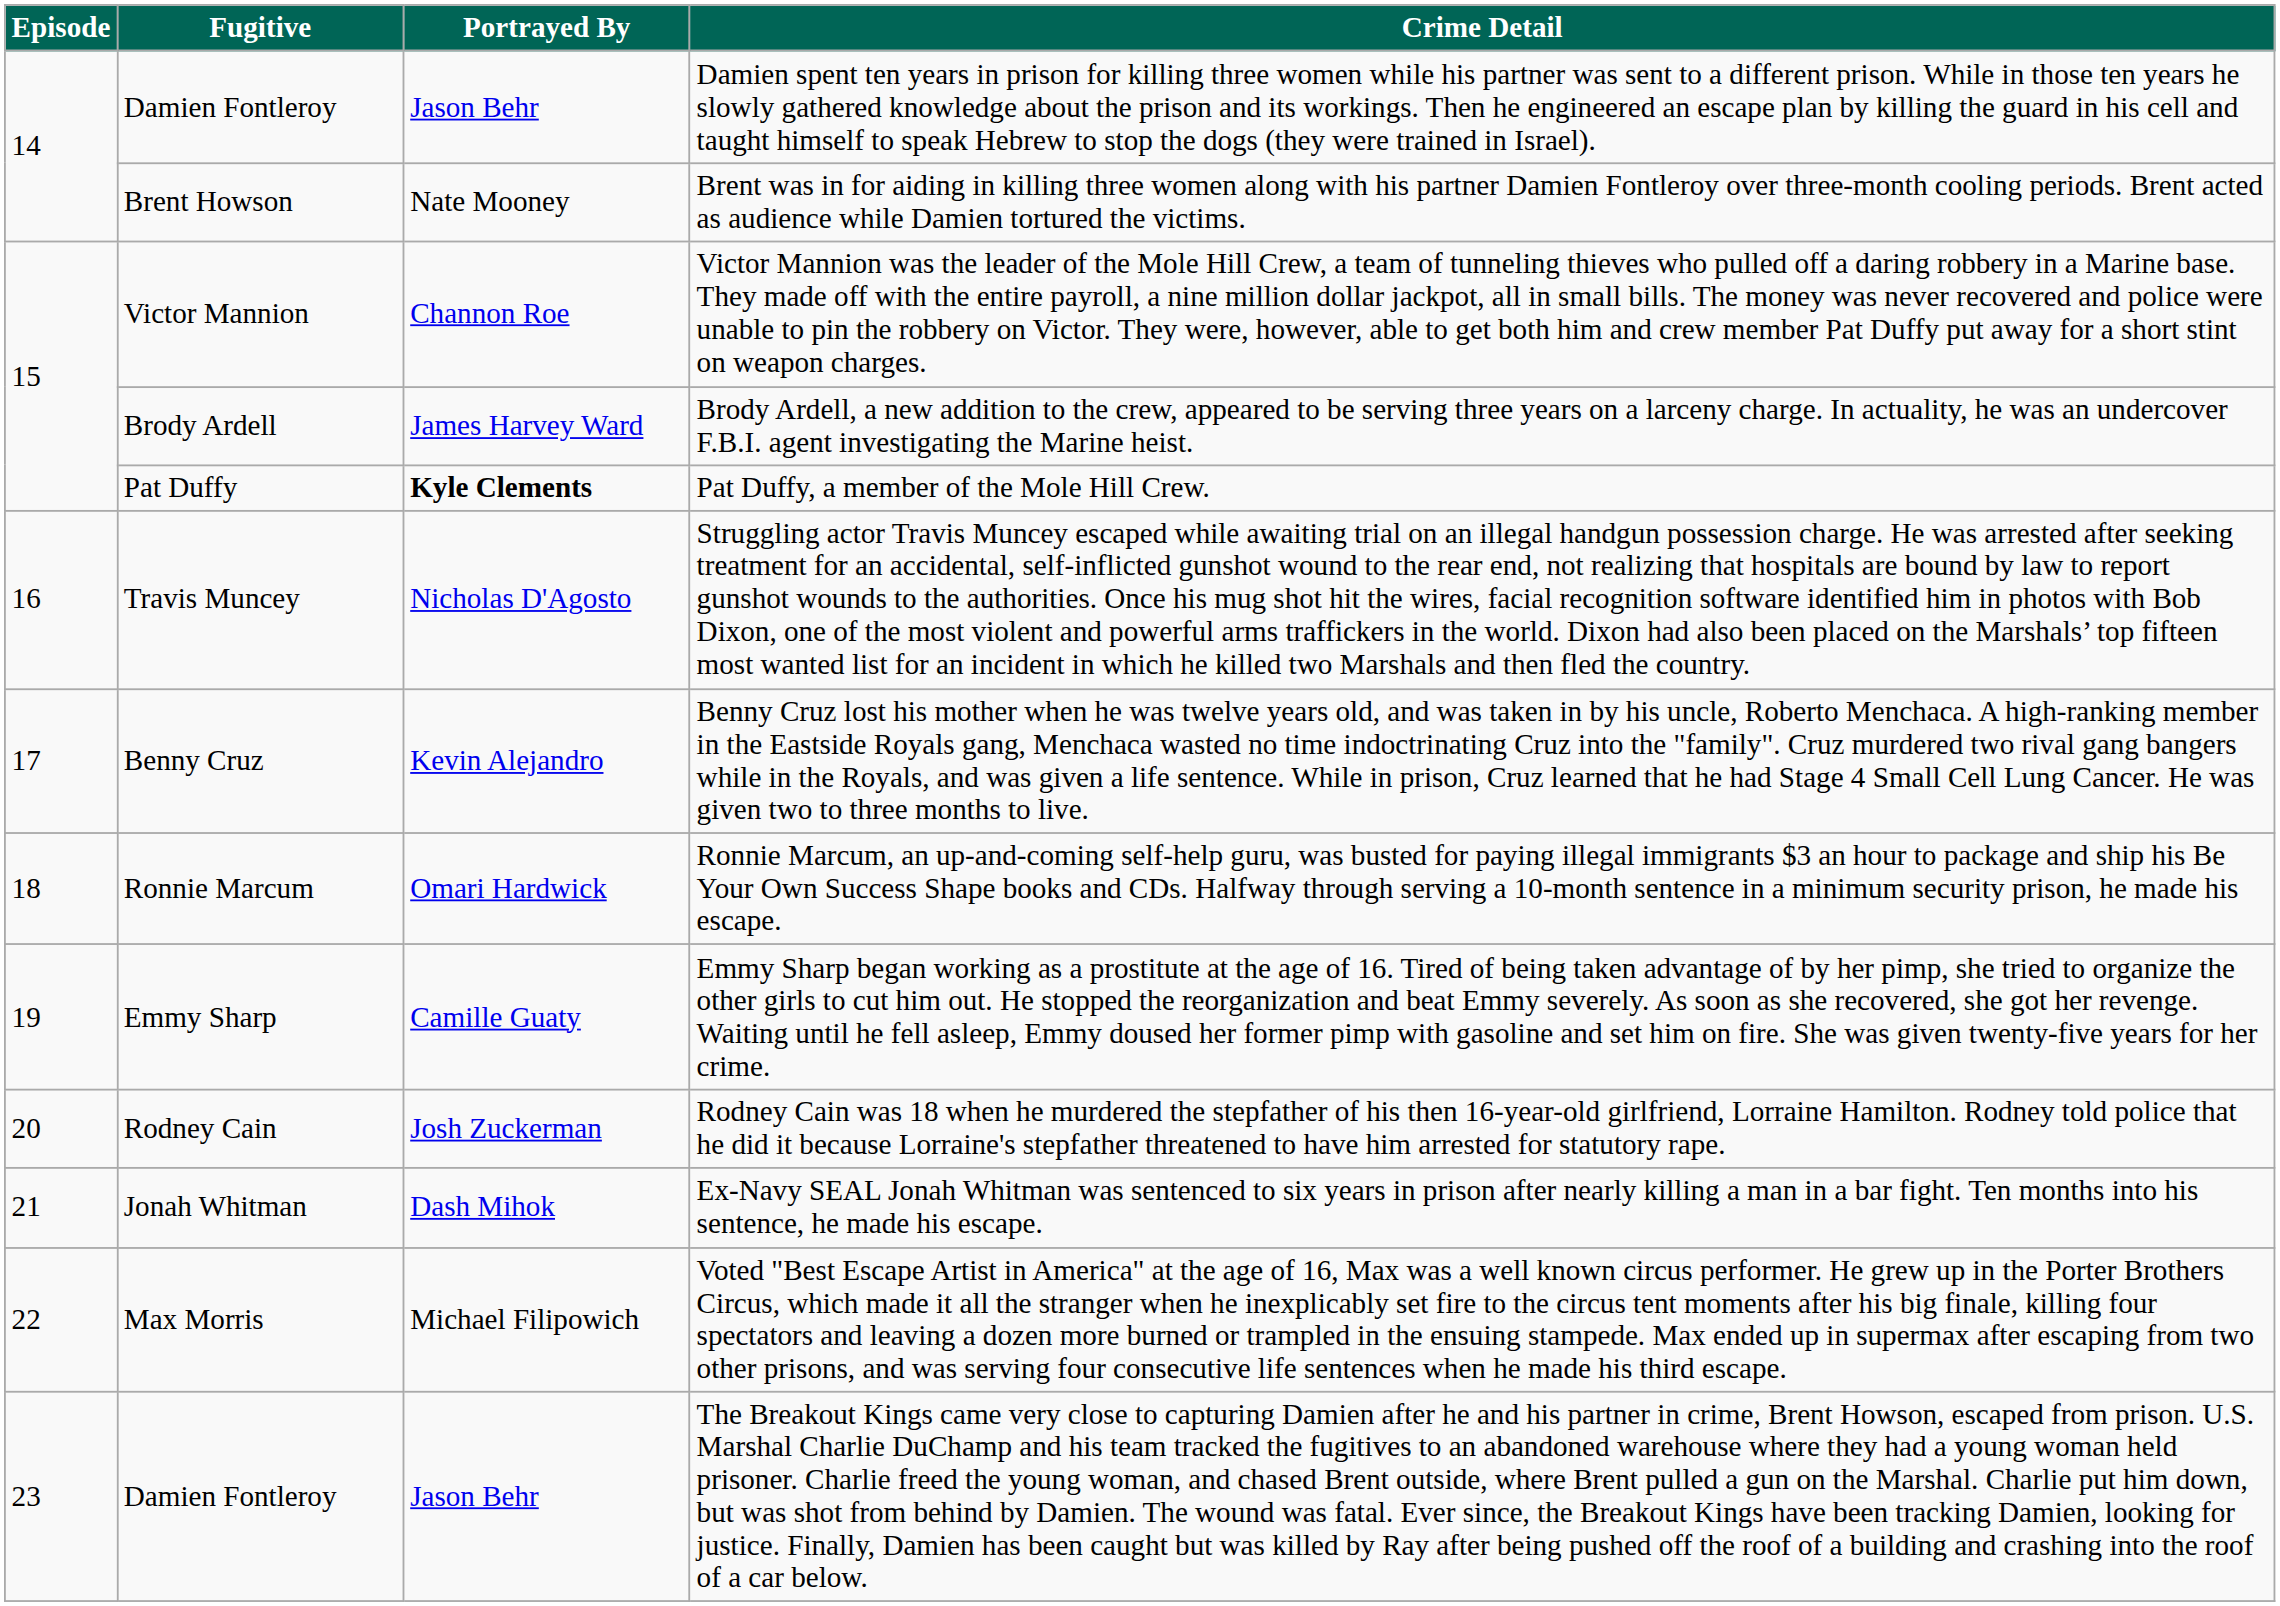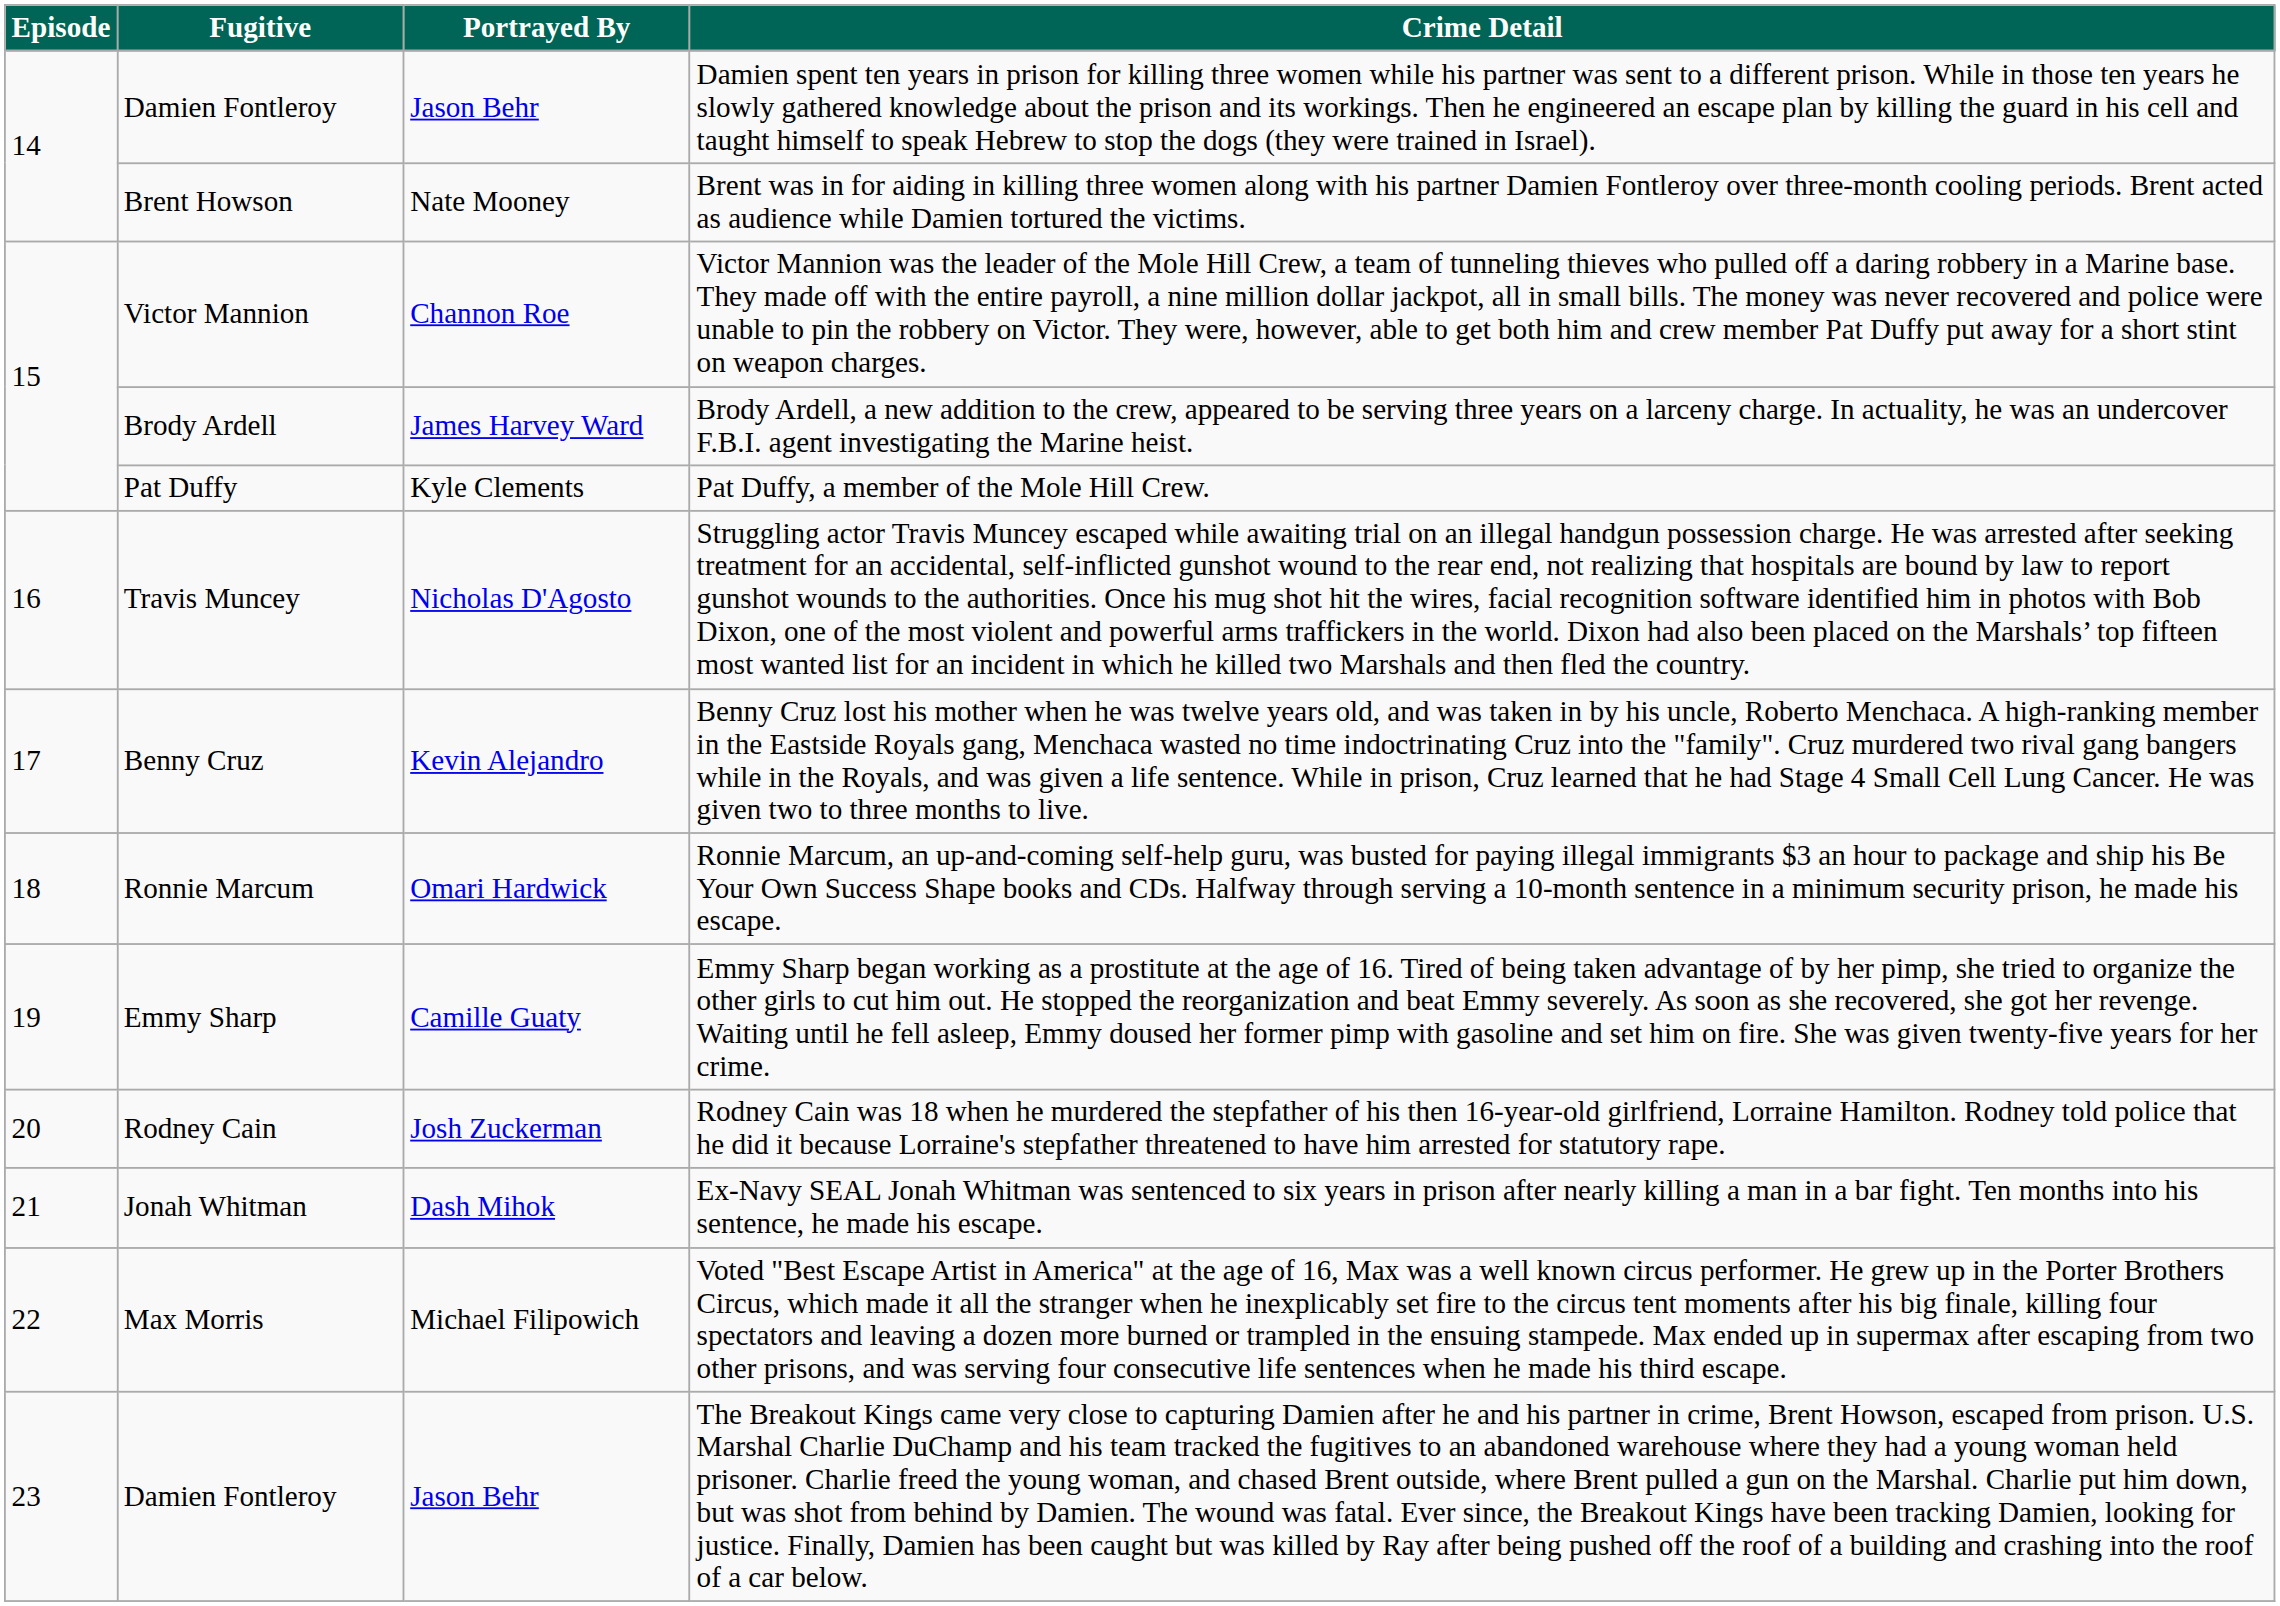 <table class="wikitable">
 <tr style="color:#FFF">
 <th style="background:#006556">Episode</th>
 <th width="150pt" style="background:#006556">Fugitive</th>
 <th width="150pt" style="background:#006556">Portrayed By</th>
 <th style="background:#006556">Crime Detail</th>
 </tr>
 <tr>
 <td rowspan="2">14</td>
 <td>Damien Fontleroy</td>
 <td><a href='#'>Jason Behr</a></td>
 <td>Damien spent ten years in prison for killing three women while his partner was sent to a different prison. While in those ten years he slowly gathered knowledge about the prison and its workings. Then he engineered an escape plan by killing the guard in his cell and taught himself to speak Hebrew to stop the dogs (they were trained in Israel).</td>
 </tr>
 <tr>
 <td>Brent Howson</td>
 <td>Nate Mooney</td>
 <td>Brent was in for aiding in killing three women along with his partner Damien Fontleroy over three-month cooling periods. Brent acted as audience while Damien tortured the victims.</td>
 </tr>
 <tr>
 <td rowspan="3">15</td>
 <td>Victor Mannion</td>
 <td><a href='#'>Channon Roe</a></td>
 <td>Victor Mannion was the leader of the Mole Hill Crew, a team of tunneling thieves who pulled off a daring robbery in a Marine base. They made off with the entire payroll, a nine million dollar jackpot, all in small bills. The money was never recovered and police were unable to pin the robbery on Victor. They were, however, able to get both him and crew member Pat Duffy put away for a short stint on weapon charges.</td>
 </tr>
 <tr>
 <td>Brody Ardell</td>
 <td><a href='#'>James Harvey Ward</a></td>
 <td>Brody Ardell, a new addition to the crew, appeared to be serving three years on a larceny charge. In actuality, he was an undercover F.B.I. agent investigating the Marine heist.</td>
 </tr>
 <tr>
 <td>Pat Duffy</td>
-<td><strong>Kyle Clements</strong></td>
+<td>Kyle Clements</td>
 <td>Pat Duffy, a member of the Mole Hill Crew.</td>
 </tr>
 <tr>
 <td>16</td>
 <td>Travis Muncey</td>
 <td><a href='#'>Nicholas D'Agosto</a></td>
 <td>Struggling actor Travis Muncey escaped while awaiting trial on an illegal handgun possession charge. He was arrested after seeking treatment for an accidental, self-inflicted gunshot wound to the rear end, not realizing that hospitals are bound by law to report gunshot wounds to the authorities. Once his mug shot hit the wires, facial recognition software identified him in photos with Bob Dixon, one of the most violent and powerful arms traffickers in the world. Dixon had also been placed on the Marshals’ top fifteen most wanted list for an incident in which he killed two Marshals and then fled the country.</td>
 </tr>
 <tr>
 <td>17</td>
 <td>Benny Cruz</td>
 <td><a href='#'>Kevin Alejandro</a></td>
 <td>Benny Cruz lost his mother when he was twelve years old, and was taken in by his uncle, Roberto Menchaca. A high-ranking member in the Eastside Royals gang, Menchaca wasted no time indoctrinating Cruz into the "family". Cruz murdered two rival gang bangers while in the Royals, and was given a life sentence. While in prison, Cruz learned that he had Stage 4 Small Cell Lung Cancer. He was given two to three months to live.</td>
 </tr>
 <tr>
 <td>18</td>
 <td>Ronnie Marcum</td>
 <td><a href='#'>Omari Hardwick</a></td>
 <td>Ronnie Marcum, an up-and-coming self-help guru, was busted for paying illegal immigrants $3 an hour to package and ship his Be Your Own Success Shape books and CDs. Halfway through serving a 10-month sentence in a minimum security prison, he made his escape.</td>
 </tr>
 <tr>
 <td>19</td>
 <td>Emmy Sharp</td>
 <td><a href='#'>Camille Guaty</a></td>
 <td>Emmy Sharp began working as a prostitute at the age of 16. Tired of being taken advantage of by her pimp, she tried to organize the other girls to cut him out. He stopped the reorganization and beat Emmy severely. As soon as she recovered, she got her revenge. Waiting until he fell asleep, Emmy doused her former pimp with gasoline and set him on fire. She was given twenty-five years for her crime.</td>
 </tr>
 <tr>
 <td>20</td>
 <td>Rodney Cain</td>
 <td><a href='#'>Josh Zuckerman</a></td>
 <td>Rodney Cain was 18 when he murdered the stepfather of his then 16-year-old girlfriend, Lorraine Hamilton. Rodney told police that he did it because Lorraine's stepfather threatened to have him arrested for statutory rape.</td>
 </tr>
 <tr>
 <td>21</td>
 <td>Jonah Whitman</td>
 <td><a href='#'>Dash Mihok</a></td>
 <td>Ex-Navy SEAL Jonah Whitman was sentenced to six years in prison after nearly killing a man in a bar fight. Ten months into his sentence, he made his escape.</td>
 </tr>
 <tr>
 <td>22</td>
 <td>Max Morris</td>
 <td>Michael Filipowich</td>
 <td>Voted "Best Escape Artist in America" at the age of 16, Max was a well known circus performer. He grew up in the Porter Brothers Circus, which made it all the stranger when he inexplicably set fire to the circus tent moments after his big finale, killing four spectators and leaving a dozen more burned or trampled in the ensuing stampede. Max ended up in supermax after escaping from two other prisons, and was serving four consecutive life sentences when he made his third escape.</td>
 </tr>
 <tr>
 <td>23</td>
 <td>Damien Fontleroy</td>
 <td><a href='#'>Jason Behr</a></td>
 <td>The Breakout Kings came very close to capturing Damien after he and his partner in crime, Brent Howson, escaped from prison. U.S. Marshal Charlie DuChamp and his team tracked the fugitives to an abandoned warehouse where they had a young woman held prisoner. Charlie freed the young woman, and chased Brent outside, where Brent pulled a gun on the Marshal. Charlie put him down, but was shot from behind by Damien. The wound was fatal. Ever since, the Breakout Kings have been tracking Damien, looking for justice. Finally, Damien has been caught but was killed by Ray after being pushed off the roof of a building and crashing into the roof of a car below.</td>
 </tr>
 </table>
